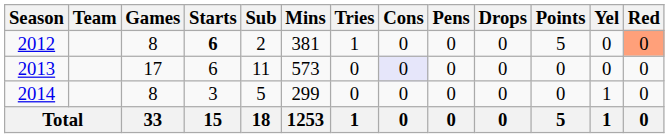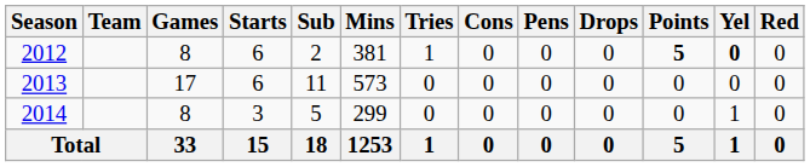 <table class="wikitable" style="text-align:center; line-height:90%; font-size:95%; width:60%;">
 <tr>
 <th>Season</th>
 <th>Team</th>
 <th>Games</th>
 <th>Starts</th>
 <th>Sub</th>
 <th>Mins</th>
 <th>Tries</th>
 <th>Cons</th>
 <th>Pens</th>
 <th>Drops</th>
 <th>Points</th>
 <th>Yel</th>
 <th>Red</th>
 </tr>
 <tr>
 <td><a href='#'>2012</a></td>
 <td></td>
 <td>8</td>
-<td><strong>6</strong></td>
+<td>6</td>
 <td>2</td>
 <td>381</td>
 <td>1</td>
 <td>0</td>
 <td>0</td>
 <td>0</td>
-<td>5</td>
+<td><strong>5</strong></td>
+<td><strong>0</strong></td>
 <td>0</td>
-<td style="background: lightsalmon;">0</td>
 </tr>
 <tr>
 <td><a href='#'>2013</a></td>
 <td></td>
 <td>17</td>
 <td>6</td>
 <td>11</td>
 <td>573</td>
 <td>0</td>
-<td style="background: lavender;">0</td>
+<td>0</td>
 <td>0</td>
 <td>0</td>
 <td>0</td>
 <td>0</td>
 <td>0</td>
 </tr>
 <tr>
 <td><a href='#'>2014</a></td>
 <td></td>
 <td>8</td>
 <td>3</td>
 <td>5</td>
 <td>299</td>
 <td>0</td>
 <td>0</td>
 <td>0</td>
 <td>0</td>
 <td>0</td>
 <td>1</td>
 <td>0</td>
 </tr>
 <tr>
 <th colspan="2">Total</th>
 <th>33</th>
 <th>15</th>
 <th>18</th>
 <th>1253</th>
 <th>1</th>
 <th>0</th>
 <th>0</th>
 <th>0</th>
 <th>5</th>
 <th>1</th>
 <th>0</th>
 </tr>
 </table>
